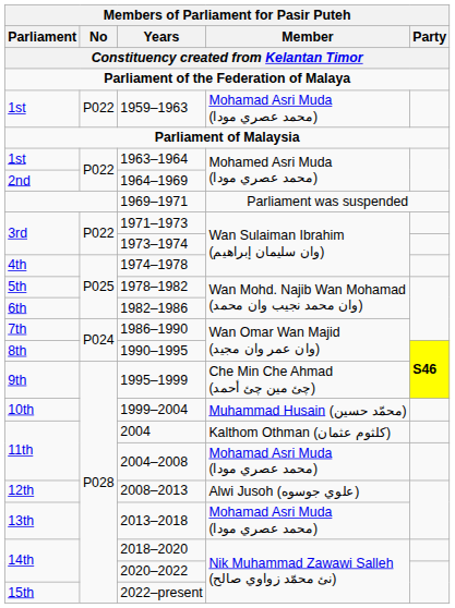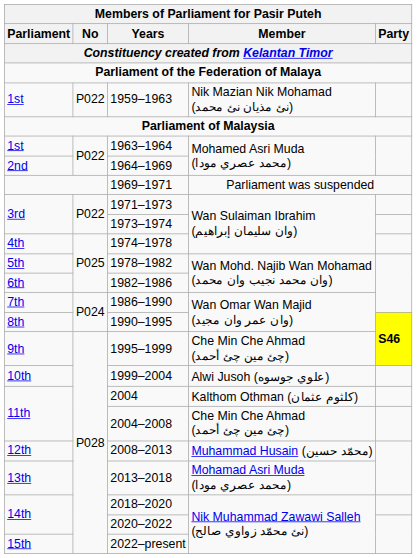 <table class=wikitable>
 <tr>
 <th colspan="5">Members of Parliament for Pasir Puteh</th>
 </tr>
 <tr>
 <th>Parliament</th>
 <th>No</th>
 <th>Years</th>
 <th>Member</th>
 <th>Party</th>
 </tr>
 <tr>
 <th colspan="5" align="center"><em>Constituency created from <a href='#'>Kelantan Timor</a></em></th>
 </tr>
 <tr>
 <td colspan="5" align="center"><strong>Parliament of the Federation of Malaya</strong></td>
 </tr>
 <tr>
 <td><a href='#'>1st</a></td>
 <td>P022</td>
 <td>1959–1963</td>
-<td><a href='#'>Mohamad Asri Muda</a> <br>(محمد عصري مودا)</td>
+<td>Nik Mazian Nik Mohamad  <br>(نئ مذيان نئ محمد)</td>
 <td></td>
 </tr>
 <tr>
 <td colspan="5" align="center"><strong>Parliament of Malaysia</strong></td>
 </tr>
 <tr>
 <td><a href='#'>1st</a></td>
 <td rowspan="2">P022</td>
 <td>1963–1964</td>
 <td rowspan=2>Mohamed Asri Muda  <br>(محمد عصري مودا)</td>
 <td rowspan="2"></td>
 </tr>
 <tr>
 <td><a href='#'>2nd</a></td>
 <td>1964–1969</td>
 </tr>
 <tr>
 <td colspan="2"></td>
 <td>1969–1971</td>
 <td colspan=2 align=center>Parliament was suspended</td>
 </tr>
 <tr>
 <td rowspan=2><a href='#'>3rd</a></td>
 <td rowspan="2">P022</td>
 <td>1971–1973</td>
 <td rowspan=3>Wan Sulaiman Ibrahim  <br>(وان سليمان إبراهيم)</td>
 <td></td>
 </tr>
 <tr>
 <td>1973–1974</td>
 <td></td>
 </tr>
 <tr>
 <td><a href='#'>4th</a></td>
 <td rowspan="3">P025</td>
 <td>1974–1978</td>
 <td></td>
 </tr>
 <tr>
 <td><a href='#'>5th</a></td>
 <td>1978–1982</td>
 <td rowspan=2>Wan Mohd. Najib Wan Mohamad <br>(وان محمد نجيب وان محمد)</td>
 <td rowspan="3"></td>
 </tr>
 <tr>
 <td><a href='#'>6th</a></td>
 <td>1982–1986</td>
 </tr>
 <tr>
 <td><a href='#'>7th</a></td>
 <td rowspan="2">P024</td>
 <td>1986–1990</td>
 <td rowspan=2>Wan Omar Wan Majid  <br>(وان عمر وان مجيد)</td>
 </tr>
 <tr>
 <td><a href='#'>8th</a></td>
 <td>1990–1995</td>
 <td rowspan=2 bgcolor="yellow"><strong>S46</strong></td>
 </tr>
 <tr>
 <td><a href='#'>9th</a></td>
 <td rowspan="9">P028</td>
 <td>1995–1999</td>
 <td>Che Min Che Ahmad  <br>(چئ مين چئ أحمد)</td>
 </tr>
 <tr>
 <td><a href='#'>10th</a></td>
 <td>1999–2004</td>
-<td><a href='#'>Muhammad Husain</a> (محمّد حسين)</td>
+<td>Alwi Jusoh (علوي جوسوه)</td>
 <td></td>
 </tr>
 <tr>
 <td rowspan="2"><a href='#'>11th</a></td>
 <td>2004</td>
 <td>Kalthom Othman (كلثوم عثمان)</td>
 <td></td>
 </tr>
 <tr>
 <td>2004–2008</td>
-<td><a href='#'>Mohamad Asri Muda</a> <br>(محمد عصري مودا)</td>
+<td>Che Min Che Ahmad  <br>(چئ مين چئ أحمد)</td>
 <td></td>
 </tr>
 <tr>
 <td><a href='#'>12th</a></td>
 <td>2008–2013</td>
-<td>Alwi Jusoh (علوي جوسوه)</td>
+<td><a href='#'>Muhammad Husain</a> (محمّد حسين)</td>
 <td rowspan="2"></td>
 </tr>
 <tr>
 <td><a href='#'>13th</a></td>
 <td>2013–2018</td>
 <td><a href='#'>Mohamad Asri Muda</a> <br>(محمد عصري مودا)</td>
 </tr>
 <tr>
 <td rowspan="2"><a href='#'>14th</a></td>
 <td>2018–2020</td>
 <td rowspan="3"><a href='#'>Nik Muhammad Zawawi Salleh</a><br>(نئ محمّد زواوي صالح)</td>
 <td></td>
 </tr>
 <tr>
 <td>2020–2022</td>
 <td rowspan="2"></td>
 </tr>
 <tr>
 <td><a href='#'>15th</a></td>
 <td>2022–present</td>
 </tr>
 </table>
